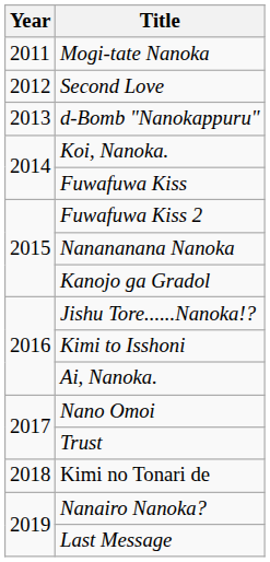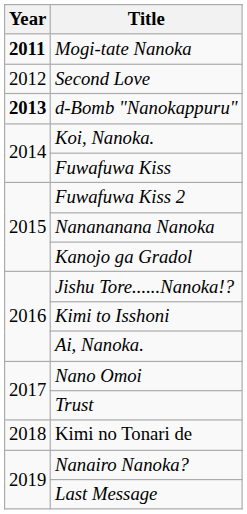 <table class="wikitable">
 <tr>
 <th>Year</th>
 <th>Title</th>
 </tr>
 <tr>
-<td>2011</td>
+<td><strong>2011</strong></td>
 <td><em>Mogi-tate Nanoka</em></td>
 </tr>
 <tr>
 <td>2012</td>
 <td><em>Second Love</em></td>
 </tr>
 <tr>
-<td>2013</td>
+<td><strong>2013</strong></td>
 <td><em>d-Bomb "Nanokappuru"</em></td>
 </tr>
 <tr>
 <td rowspan="2">2014</td>
 <td><em>Koi, Nanoka.</em></td>
 </tr>
 <tr>
 <td><em>Fuwafuwa Kiss</em></td>
 </tr>
 <tr>
 <td rowspan="3">2015</td>
 <td><em>Fuwafuwa Kiss 2</em></td>
 </tr>
 <tr>
 <td><em>Nanananana Nanoka</em></td>
 </tr>
 <tr>
 <td><em>Kanojo ga Gradol</em></td>
 </tr>
 <tr>
 <td rowspan="3">2016</td>
 <td><em>Jishu Tore......Nanoka!?</em></td>
 </tr>
 <tr>
 <td><em>Kimi to Isshoni</em></td>
 </tr>
 <tr>
 <td><em>Ai, Nanoka.</em></td>
 </tr>
 <tr>
 <td rowspan="2">2017</td>
 <td><em>Nano Omoi</em></td>
 </tr>
 <tr>
 <td><em>Trust</em></td>
 </tr>
 <tr>
 <td>2018</td>
 <td>Kimi no Tonari de</td>
 </tr>
 <tr>
 <td rowspan="2">2019</td>
 <td><em>Nanairo Nanoka?</em></td>
 </tr>
 <tr>
 <td><em>Last Message</em></td>
 </tr>
 </table>
